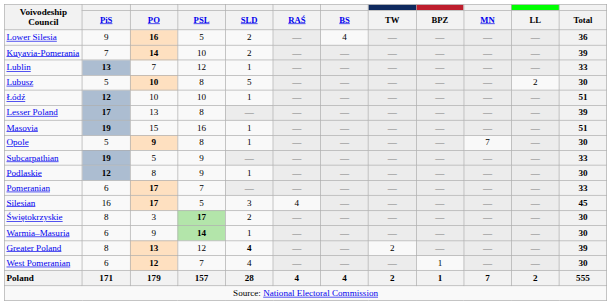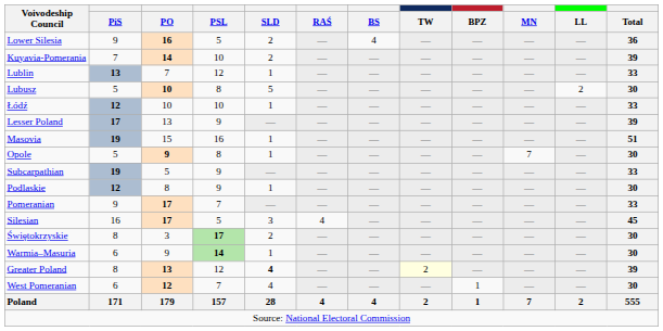 <table class="wikitable sortable" style="text-align:center; font-size:85%;">
 <tr text-align:center;>
 <th style="width:110px;" rowspan="2">Voivodeship<br>Council</th>
 <th style="background: "></th>
 <th style="background: "></th>
 <th style="background: "></th>
 <th style="background: "></th>
 <th style="background: "></th>
 <th style="background: "></th>
 <th style="background: #0F2A5F;"></th>
 <th style="background: #BE1E2D;"></th>
 <th style="background: "></th>
 <th style="background: #00FF01;"></th>
 <th style="background: ;"></th>
 </tr>
 <tr text-align:center;>
 <th style="font-size:95%; width:65px;"><a href='#'>PiS</a></th>
 <th style="font-size:95%; width:65px;"><a href='#'>PO</a></th>
 <th style="font-size:95%; width:65px;"><a href='#'>PSL</a></th>
 <th style="font-size:95%; width:65px;"><a href='#'>SLD</a></th>
 <th style="font-size:95%; width:65px;"><a href='#'>RAŚ</a></th>
 <th style="font-size:95%; width:65px;"><a href='#'>BS</a></th>
 <th style="font-size:95%; width:65px;">TW</th>
 <th style="font-size:95%; width:65px;">BPZ</th>
 <th style="font-size:95%; width:65px;"><a href='#'>MN</a></th>
 <th style="font-size:95%; width:65px;">LL</th>
 <th style="font-size:95%; width:65px;">Total</th>
 </tr>
 <tr>
 <td style="text-align: left;"><a href='#'>Lower Silesia</a></td>
 <td>9</td>
 <td style="background: #fee0c0;"><strong>16</strong></td>
 <td>5</td>
 <td>2</td>
 <td style="background: #ececec; color:gray;">—</td>
 <td>4</td>
 <td style="background: #ececec; color:gray;">—</td>
 <td style="background: #ececec; color:gray;">—</td>
 <td style="background: #ececec; color:gray;">—</td>
 <td style="background: #ececec; color:gray;">—</td>
 <th>36</th>
 </tr>
 <tr>
 <td style="text-align: left;"><a href='#'>Kuyavia-Pomerania</a></td>
 <td>7</td>
 <td style="background: #fee0c0;"><strong>14</strong></td>
 <td>10</td>
 <td>2</td>
 <td style="background: #ececec; color:gray;">—</td>
 <td style="background: #ececec; color:gray;">—</td>
 <td style="background: #ececec; color:gray;">—</td>
 <td style="background: #ececec; color:gray;">—</td>
 <td style="background: #ececec; color:gray;">—</td>
 <td style="background: #ececec; color:gray;">—</td>
 <th>39</th>
 </tr>
 <tr>
 <td style="text-align: left;"><a href='#'>Lublin</a></td>
 <td style="background: #acbdd1;"><strong>13</strong></td>
 <td>7</td>
 <td>12</td>
 <td>1</td>
 <td style="background: #ececec; color:gray;">—</td>
 <td style="background: #ececec; color:gray;">—</td>
 <td style="background: #ececec; color:gray;">—</td>
 <td style="background: #ececec; color:gray;">—</td>
 <td style="background: #ececec; color:gray;">—</td>
 <td style="background: #ececec; color:gray;">—</td>
 <th>33</th>
 </tr>
 <tr>
 <td style="text-align: left;"><a href='#'>Lubusz</a></td>
 <td>5</td>
 <td style="background: #fee0c0;"><strong>10</strong></td>
 <td>8</td>
 <td>5</td>
 <td style="background: #ececec; color:gray;">—</td>
 <td style="background: #ececec; color:gray;">—</td>
 <td style="background: #ececec; color:gray;">—</td>
 <td style="background: #ececec; color:gray;">—</td>
 <td style="background: #ececec; color:gray;">—</td>
 <td>2</td>
 <th>30</th>
 </tr>
 <tr>
 <td style="text-align: left;"><a href='#'>Łódź</a></td>
 <td style="background: #acbdd1;"><strong>12</strong></td>
 <td>10</td>
 <td>10</td>
 <td>1</td>
 <td style="background: #ececec; color:gray;">—</td>
 <td style="background: #ececec; color:gray;">—</td>
 <td style="background: #ececec; color:gray;">—</td>
 <td style="background: #ececec; color:gray;">—</td>
 <td style="background: #ececec; color:gray;">—</td>
 <td style="background: #ececec; color:gray;">—</td>
-<th>51</th>
+<th>33</th>
 </tr>
 <tr>
 <td style="text-align: left;"><a href='#'>Lesser Poland</a></td>
 <td style="background: #acbdd1;"><strong>17</strong></td>
 <td>13</td>
-<td>8</td>
+<td>9</td>
 <td style="background: #ececec; color:gray;">—</td>
 <td style="background: #ececec; color:gray;">—</td>
 <td style="background: #ececec; color:gray;">—</td>
 <td style="background: #ececec; color:gray;">—</td>
 <td style="background: #ececec; color:gray;">—</td>
 <td style="background: #ececec; color:gray;">—</td>
 <td style="background: #ececec; color:gray;">—</td>
 <th>39</th>
 </tr>
 <tr>
 <td style="text-align: left;"><a href='#'>Masovia</a></td>
 <td style="background: #acbdd1;"><strong>19</strong></td>
 <td>15</td>
 <td>16</td>
 <td>1</td>
 <td style="background: #ececec; color:gray;">—</td>
 <td style="background: #ececec; color:gray;">—</td>
 <td style="background: #ececec; color:gray;">—</td>
 <td style="background: #ececec; color:gray;">—</td>
 <td style="background: #ececec; color:gray;">—</td>
 <td style="background: #ececec; color:gray;">—</td>
 <th>51</th>
 </tr>
 <tr>
 <td style="text-align: left;"><a href='#'>Opole</a></td>
 <td>5</td>
 <td style="background: #fee0c0;"><strong>9</strong></td>
 <td>8</td>
 <td>1</td>
 <td style="background: #ececec; color:gray;">—</td>
 <td style="background: #ececec; color:gray;">—</td>
 <td style="background: #ececec; color:gray;">—</td>
 <td style="background: #ececec; color:gray;">—</td>
 <td>7</td>
 <td style="background: #ececec; color:gray;">—</td>
 <th>30</th>
 </tr>
 <tr>
 <td style="text-align: left;"><a href='#'>Subcarpathian</a></td>
 <td style="background: #acbdd1;"><strong>19</strong></td>
 <td>5</td>
 <td>9</td>
 <td style="background: #ececec; color:gray;">—</td>
 <td style="background: #ececec; color:gray;">—</td>
 <td style="background: #ececec; color:gray;">—</td>
 <td style="background: #ececec; color:gray;">—</td>
 <td style="background: #ececec; color:gray;">—</td>
 <td style="background: #ececec; color:gray;">—</td>
 <td style="background: #ececec; color:gray;">—</td>
 <th>33</th>
 </tr>
 <tr>
 <td style="text-align: left;"><a href='#'>Podlaskie</a></td>
 <td style="background: #acbdd1;"><strong>12</strong></td>
 <td>8</td>
 <td>9</td>
 <td>1</td>
 <td style="background: #ececec; color:gray;">—</td>
 <td style="background: #ececec; color:gray;">—</td>
 <td style="background: #ececec; color:gray;">—</td>
 <td style="background: #ececec; color:gray;">—</td>
 <td style="background: #ececec; color:gray;">—</td>
 <td style="background: #ececec; color:gray;">—</td>
 <th>30</th>
 </tr>
 <tr>
 <td style="text-align: left;"><a href='#'>Pomeranian</a></td>
-<td>6</td>
+<td>9</td>
 <td style="background: #fee0c0;"><strong>17</strong></td>
 <td>7</td>
 <td style="background: #ececec; color:gray;">—</td>
 <td style="background: #ececec; color:gray;">—</td>
 <td style="background: #ececec; color:gray;">—</td>
 <td style="background: #ececec; color:gray;">—</td>
 <td style="background: #ececec; color:gray;">—</td>
 <td style="background: #ececec; color:gray;">—</td>
 <td style="background: #ececec; color:gray;">—</td>
 <th>33</th>
 </tr>
 <tr>
 <td style="text-align: left;"><a href='#'>Silesian</a></td>
 <td>16</td>
 <td style="background: #fee0c0;"><strong>17</strong></td>
 <td>5</td>
 <td>3</td>
 <td>4</td>
 <td style="background: #ececec; color:gray;">—</td>
 <td style="background: #ececec; color:gray;">—</td>
 <td style="background: #ececec; color:gray;">—</td>
 <td style="background: #ececec; color:gray;">—</td>
 <td style="background: #ececec; color:gray;">—</td>
 <th>45</th>
 </tr>
 <tr>
 <td style="text-align: left;"><a href='#'>Świętokrzyskie</a></td>
 <td>8</td>
 <td>3</td>
 <td style="background: #b3e5aa;"><strong>17</strong></td>
 <td>2</td>
 <td style="background: #ececec; color:gray;">—</td>
 <td style="background: #ececec; color:gray;">—</td>
 <td style="background: #ececec; color:gray;">—</td>
 <td style="background: #ececec; color:gray;">—</td>
 <td style="background: #ececec; color:gray;">—</td>
 <td style="background: #ececec; color:gray;">—</td>
 <th>30</th>
 </tr>
 <tr>
 <td style="text-align: left;"><a href='#'>Warmia–Masuria</a></td>
 <td>6</td>
 <td>9</td>
 <td style="background: #b3e5aa;"><strong>14</strong></td>
 <td>1</td>
 <td style="background: #ececec; color:gray;">—</td>
 <td style="background: #ececec; color:gray;">—</td>
 <td style="background: #ececec; color:gray;">—</td>
 <td style="background: #ececec; color:gray;">—</td>
 <td style="background: #ececec; color:gray;">—</td>
 <td style="background: #ececec; color:gray;">—</td>
 <th>30</th>
 </tr>
 <tr>
 <td style="text-align: left;"><a href='#'>Greater Poland</a></td>
 <td>8</td>
 <td style="background: #fee0c0;"><strong>13</strong></td>
 <td>12</td>
 <td><strong>4</strong></td>
 <td style="background: #ececec; color:gray;">—</td>
 <td style="background: #ececec; color:gray;">—</td>
-<td>2</td>
+<td style="background: lightyellow;">2</td>
 <td style="background: #ececec; color:gray;">—</td>
 <td style="background: #ececec; color:gray;">—</td>
 <td style="background: #ececec; color:gray;">—</td>
 <th>39</th>
 </tr>
 <tr>
 <td style="text-align: left;"><a href='#'>West Pomeranian</a></td>
 <td>6</td>
 <td style="background: #fee0c0;"><strong>12</strong></td>
 <td>7</td>
 <td>4</td>
 <td style="background: #ececec; color:gray;">—</td>
 <td style="background: #ececec; color:gray;">—</td>
 <td style="background: #ececec; color:gray;">—</td>
 <td>1</td>
 <td style="background: #ececec; color:gray;">—</td>
 <td style="background: #ececec; color:gray;">—</td>
 <th>30</th>
 </tr>
 <tr>
 <th style="text-align: left;">Poland</th>
 <th>171</th>
 <th>179</th>
 <th>157</th>
 <th>28</th>
 <th>4</th>
 <th>4</th>
 <th>2</th>
 <th>1</th>
 <th>7</th>
 <th>2</th>
 <th>555</th>
 </tr>
 <tr>
 <td colspan="12" align="center">Source: <a href='#'>National Electoral Commission</a></td>
 </tr>
 </table>
